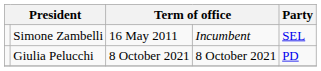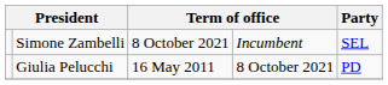 <table class="wikitable">
 <tr>
 <th colspan="2">President</th>
 <th colspan="2">Term of office</th>
 <th>Party</th>
 </tr>
 <tr>
 <td style="background-color: "></td>
 <td>Simone Zambelli</td>
-<td>16 May 2011</td>
+<td>8 October 2021</td>
 <td><em>Incumbent</em></td>
 <td><a href='#'>SEL</a></td>
 </tr>
 <tr>
 <td style="background-color: "></td>
 <td>Giulia Pelucchi</td>
-<td>8 October 2021</td>
+<td>16 May 2011</td>
 <td>8 October 2021</td>
 <td><a href='#'>PD</a></td>
 </tr>
 <tr>
 </tr>
 </table>
